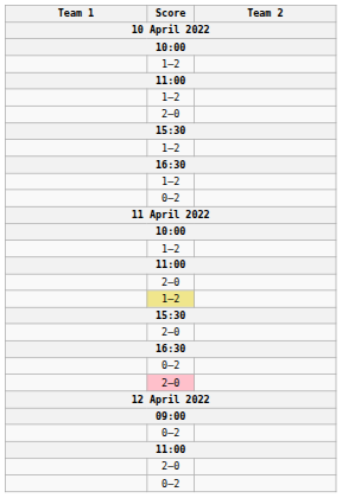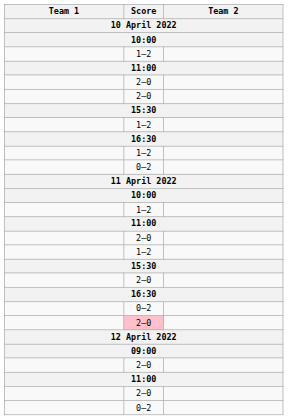 <table class="wikitable" style="text-align: center; font-size:90% ">
 <tr>
 <th align="right" width="160">Team 1</th>
 <th width="50">Score</th>
 <th align="left" width="160">Team 2</th>
 </tr>
 <tr>
 <th colspan=3>10 April 2022</th>
 </tr>
 <tr>
 <th colspan=3>10:00</th>
 </tr>
 <tr>
 <td align=right></td>
 <td align=center>1–2</td>
 <td align=left></td>
 </tr>
 <tr>
 <th colspan=3>11:00</th>
 </tr>
 <tr>
 <td align=right></td>
-<td align=center>1–2</td>
+<td align=center>2–0</td>
 <td align=left></td>
 </tr>
 <tr>
 <td align=right></td>
 <td align=center>2–0</td>
 <td align=left></td>
 </tr>
 <tr>
 <th colspan=3>15:30</th>
 </tr>
 <tr>
 <td align=right></td>
 <td align=center>1–2</td>
 <td align=left></td>
 </tr>
 <tr>
 <th colspan=3>16:30</th>
 </tr>
 <tr>
 <td align=right></td>
 <td align=center>1–2</td>
 <td align=left></td>
 </tr>
 <tr>
 <td align=right></td>
 <td align=center>0–2</td>
 <td align=left></td>
 </tr>
 <tr>
 <th colspan=3>11 April 2022</th>
 </tr>
 <tr>
 <th colspan=3>10:00</th>
 </tr>
 <tr>
 <td align=right></td>
 <td align=center>1–2</td>
 <td align=left></td>
 </tr>
 <tr>
 <th colspan=3>11:00</th>
 </tr>
 <tr>
 <td align=right></td>
 <td align=center>2–0</td>
 <td align=left></td>
 </tr>
 <tr>
 <td align=right></td>
-<td align=center style="background: khaki;">1–2</td>
+<td align=center>1–2</td>
 <td align=left></td>
 </tr>
 <tr>
 <th colspan=3>15:30</th>
 </tr>
 <tr>
 <td align=right></td>
 <td align=center>2–0</td>
 <td align=left></td>
 </tr>
 <tr>
 <th colspan=3>16:30</th>
 </tr>
 <tr>
 <td align=right></td>
 <td align=center>0–2</td>
 <td align=left></td>
 </tr>
 <tr>
 <td align=right></td>
 <td align=center style="background: pink;">2–0</td>
 <td align=left></td>
 </tr>
 <tr>
 <th colspan=3>12 April 2022</th>
 </tr>
 <tr>
 <th colspan=3>09:00</th>
 </tr>
 <tr>
 <td align=right></td>
-<td align=center>0–2</td>
+<td align=center>2–0</td>
 <td align=left></td>
 </tr>
 <tr>
 <th colspan=3>11:00</th>
 </tr>
 <tr>
 <td align=right></td>
 <td align=center>2–0</td>
 <td align=left></td>
 </tr>
 <tr>
 <td align=right></td>
 <td align=center>0–2</td>
 <td align=left></td>
 </tr>
 </table>
